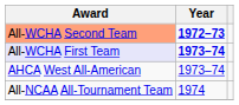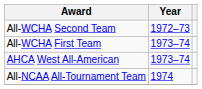 <table class="wikitable">
 <tr>
 <th>Award</th>
 <th>Year</th>
 <th></th>
 </tr>
 <tr>
-<td style="background: lightsalmon;">All-<a href='#'>WCHA</a> <a href='#'>Second Team</a></td>
-<td><strong><a href='#'>1972–73</a></strong></td>
+<td>All-<a href='#'>WCHA</a> <a href='#'>Second Team</a></td>
+<td><a href='#'>1972–73</a></td>
 <td></td>
 </tr>
 <tr>
-<td style="background: lavender;">All-<a href='#'>WCHA</a> <a href='#'>First Team</a></td>
-<td><strong><a href='#'>1973–74</a></strong></td>
+<td>All-<a href='#'>WCHA</a> <a href='#'>First Team</a></td>
+<td><a href='#'>1973–74</a></td>
 <td></td>
 </tr>
 <tr>
 <td><a href='#'>AHCA</a> <a href='#'>West All-American</a></td>
 <td><a href='#'>1973–74</a></td>
 <td></td>
 </tr>
 <tr>
 <td>All-<a href='#'>NCAA</a> <a href='#'>All-Tournament Team</a></td>
 <td><a href='#'>1974</a></td>
 <td></td>
 </tr>
 <tr>
 </tr>
 </table>
